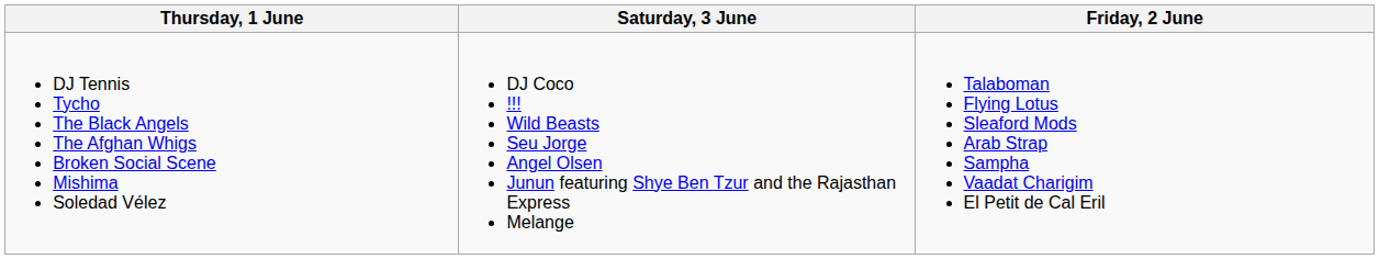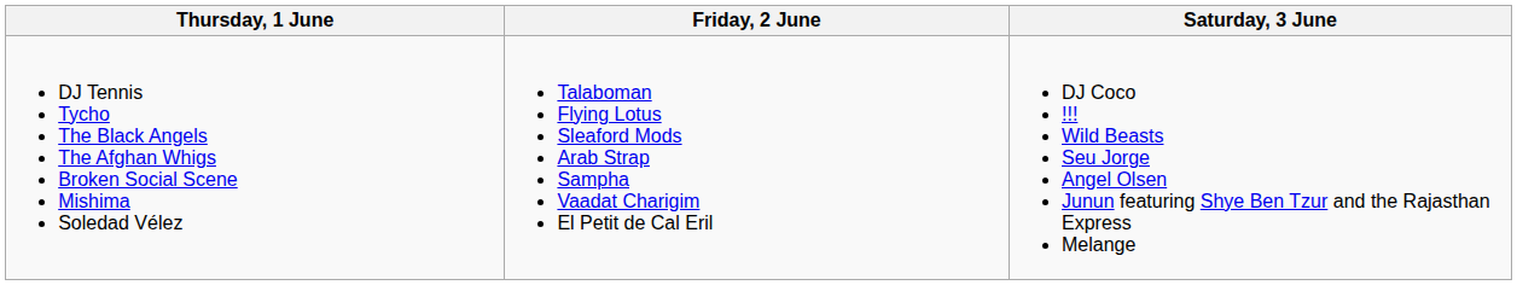 <table class="wikitable">
 <tr>
 <th width="500">Thursday, 1 June</th>
+<th width="500">Friday, 2 June</th>
 <th width="500">Saturday, 3 June</th>
-<th width="500">Friday, 2 June</th>
 </tr>
 <tr valign="top">
 <td><br><ul><li>DJ Tennis</li><li><a href='#'>Tycho</a></li><li><a href='#'>The Black Angels</a></li><li><a href='#'>The Afghan Whigs</a></li><li><a href='#'>Broken Social Scene</a></li><li><a href='#'>Mishima</a></li><li>Soledad Vélez</li></ul></td>
+<td><br><ul><li><a href='#'>Talaboman</a></li><li><a href='#'>Flying Lotus</a></li><li><a href='#'>Sleaford Mods</a></li><li><a href='#'>Arab Strap</a></li><li><a href='#'>Sampha</a></li><li><a href='#'>Vaadat Charigim</a></li><li>El Petit de Cal Eril</li></ul></td>
 <td><br><ul><li>DJ Coco</li><li><a href='#'>!!!</a></li><li><a href='#'>Wild Beasts</a></li><li><a href='#'>Seu Jorge</a></li><li><a href='#'>Angel Olsen</a></li><li><a href='#'>Junun</a> featuring <a href='#'>Shye Ben Tzur</a> and the Rajasthan Express</li><li>Melange</li></ul></td>
-<td><br><ul><li><a href='#'>Talaboman</a></li><li><a href='#'>Flying Lotus</a></li><li><a href='#'>Sleaford Mods</a></li><li><a href='#'>Arab Strap</a></li><li><a href='#'>Sampha</a></li><li><a href='#'>Vaadat Charigim</a></li><li>El Petit de Cal Eril</li></ul></td>
 </tr>
 </table>
